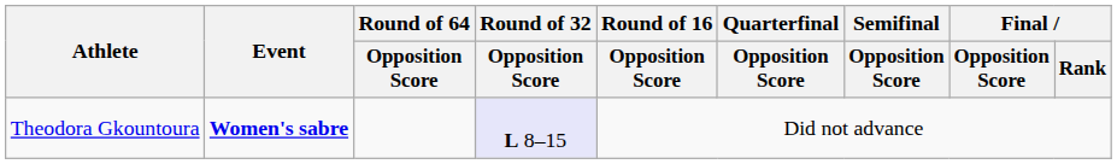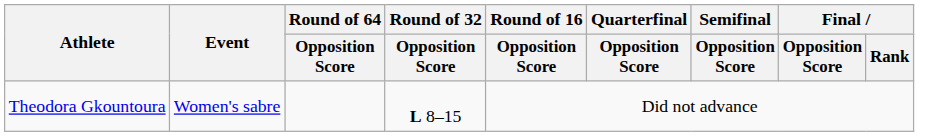 <table class="wikitable" style="font-size:90%">
 <tr>
 <th rowspan="2">Athlete</th>
 <th rowspan="2">Event</th>
 <th>Round of 64</th>
 <th>Round of 32</th>
 <th>Round of 16</th>
 <th>Quarterfinal</th>
 <th>Semifinal</th>
 <th colspan=2>Final / </th>
 </tr>
 <tr style="font-size:95%">
 <th>Opposition <br> Score</th>
 <th>Opposition <br> Score</th>
 <th>Opposition <br> Score</th>
 <th>Opposition <br> Score</th>
 <th>Opposition <br> Score</th>
 <th>Opposition <br> Score</th>
 <th>Rank</th>
 </tr>
 <tr align=center>
 <td align=left><a href='#'>Theodora Gkountoura</a></td>
-<td align=left><strong><a href='#'>Women's sabre</a></strong></td>
+<td align=left><a href='#'>Women's sabre</a></td>
 <td></td>
-<td style="background: lavender;"><br><strong>L</strong> 8–15</td>
+<td><br><strong>L</strong> 8–15</td>
 <td colspan=5>Did not advance</td>
 </tr>
 </table>
